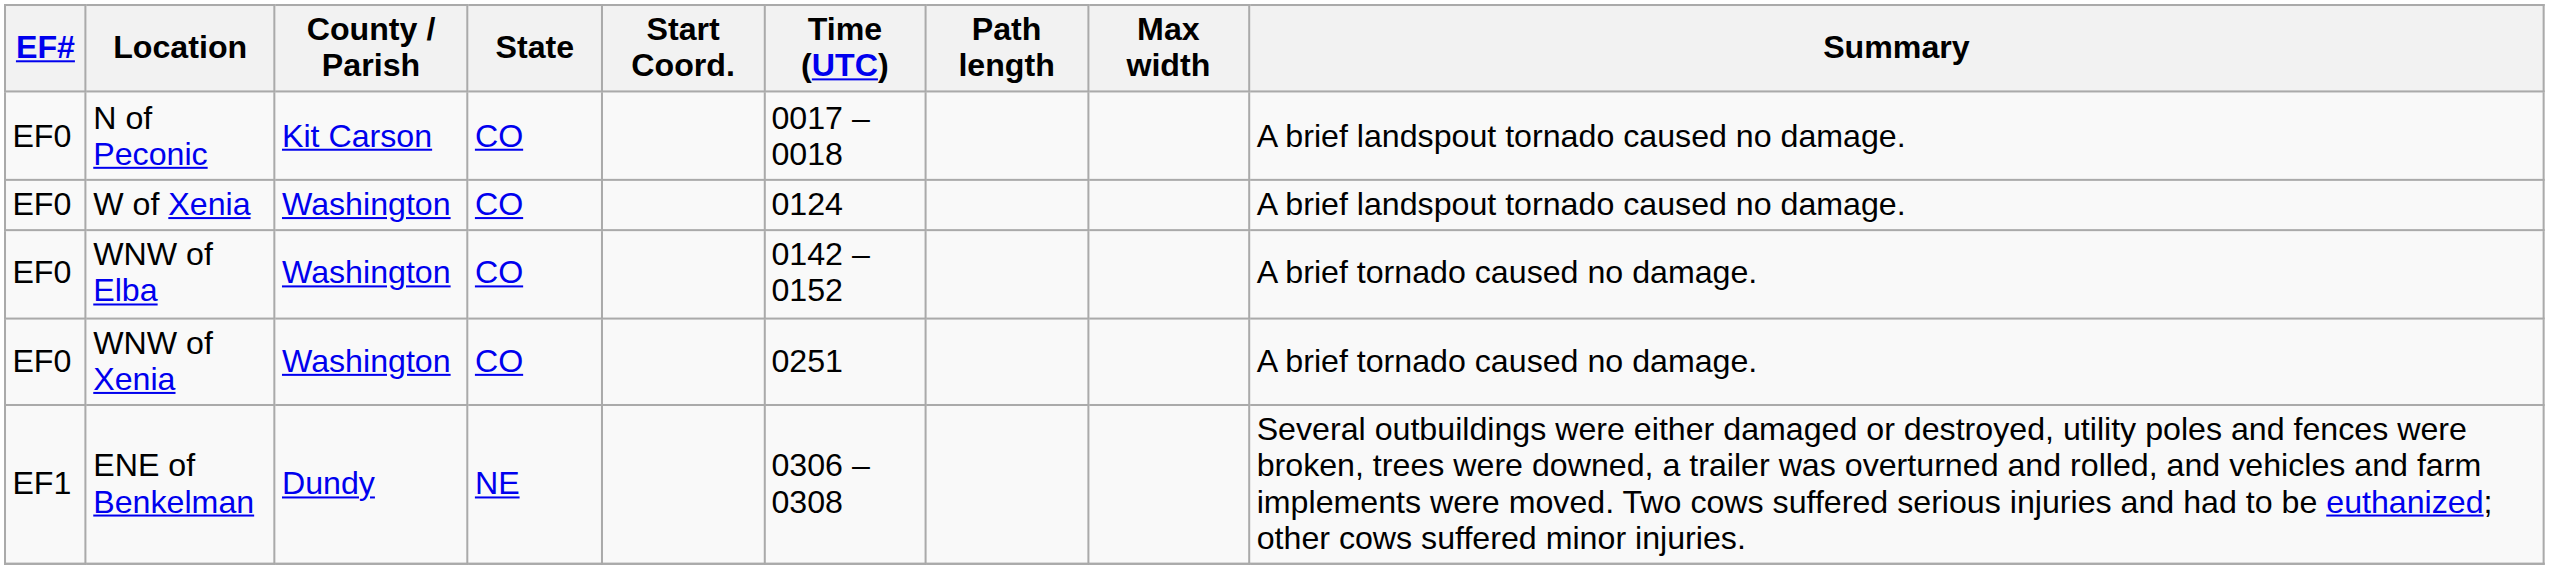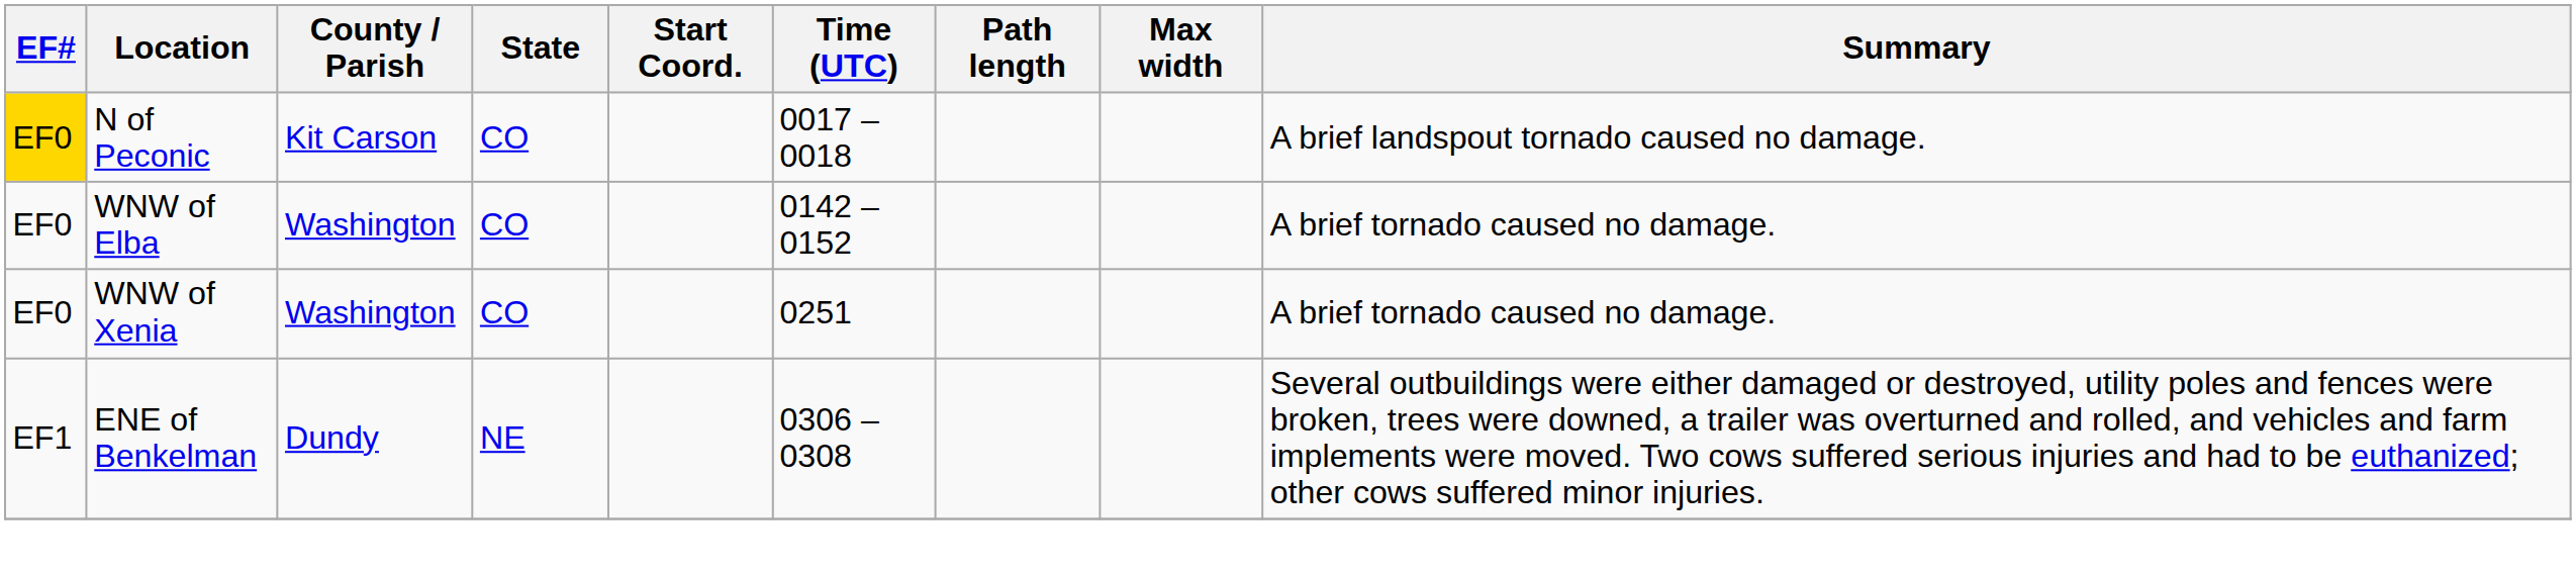 <table class="wikitable sortable" style="width:100%;">
 <tr>
 <th scope="col"  style="width:3%; text-align:center;"><a href='#'>EF#</a></th>
 <th scope="col"  style="width:7%; text-align:center;" class="unsortable">Location</th>
 <th scope="col"  style="width:6%; text-align:center;" class="unsortable">County / Parish</th>
 <th scope="col"  style="width:5%; text-align:center;">State</th>
 <th scope="col"  style="width:6%; text-align:center;">Start Coord.</th>
 <th scope="col"  style="width:6%; text-align:center;">Time (<a href='#'>UTC</a>)</th>
 <th scope="col"  style="width:6%; text-align:center;">Path length</th>
 <th scope="col"  style="width:6%; text-align:center;">Max width</th>
 <th scope="col" class="unsortable" style="width:48%; text-align:center;">Summary</th>
 </tr>
 <tr>
-<td>EF0</td>
+<td style="background: gold;">EF0</td>
 <td>N of <a href='#'>Peconic</a></td>
 <td><a href='#'>Kit Carson</a></td>
 <td><a href='#'>CO</a></td>
 <td></td>
 <td>0017 – 0018</td>
-<td></td>
-<td></td>
-<td>A brief landspout tornado caused no damage.</td>
-</tr>
-<tr>
-<td>EF0</td>
-<td>W of <a href='#'>Xenia</a></td>
-<td><a href='#'>Washington</a></td>
-<td><a href='#'>CO</a></td>
-<td></td>
-<td>0124</td>
 <td></td>
 <td></td>
 <td>A brief landspout tornado caused no damage.</td>
 </tr>
 <tr>
 <td>EF0</td>
 <td>WNW of <a href='#'>Elba</a></td>
 <td><a href='#'>Washington</a></td>
 <td><a href='#'>CO</a></td>
 <td></td>
 <td>0142 – 0152</td>
 <td></td>
 <td></td>
 <td>A brief tornado caused no damage.</td>
 </tr>
 <tr>
 <td>EF0</td>
 <td>WNW of <a href='#'>Xenia</a></td>
 <td><a href='#'>Washington</a></td>
 <td><a href='#'>CO</a></td>
 <td></td>
 <td>0251</td>
 <td></td>
 <td></td>
 <td>A brief tornado caused no damage.</td>
 </tr>
 <tr>
 <td>EF1</td>
 <td>ENE of <a href='#'>Benkelman</a></td>
 <td><a href='#'>Dundy</a></td>
 <td><a href='#'>NE</a></td>
 <td></td>
 <td>0306 – 0308</td>
 <td></td>
 <td></td>
 <td>Several outbuildings were either damaged or destroyed, utility poles and fences were broken, trees were downed, a trailer was overturned and rolled, and vehicles and farm implements were moved. Two cows suffered serious injuries and had to be <a href='#'>euthanized</a>; other cows suffered minor injuries.</td>
 </tr>
 <tr>
 </tr>
 </table>
